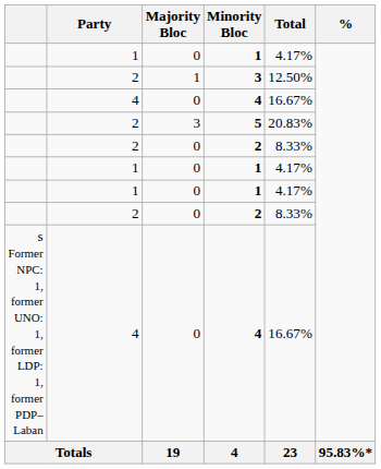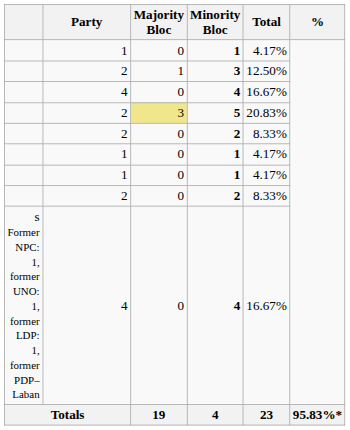 <table class="wikitable sortable" style="text-align:right;">
 <tr>
 <th width=1px></th>
 <th width=100px>Party</th>
 <th width=40px>Majority<br>Bloc</th>
 <th width=40px>Minority<br>Bloc</th>
 <th width=40px>Total</th>
 <th width=40px>%</th>
 </tr>
 <tr>
 <td></td>
 <td>1</td>
 <td>0</td>
 <td><strong>1</strong></td>
 <td>4.17%</td>
 </tr>
 <tr>
 <td></td>
 <td>2</td>
 <td>1</td>
 <td><strong>3</strong></td>
 <td>12.50%</td>
 </tr>
 <tr>
 <td></td>
 <td>4</td>
 <td>0</td>
 <td><strong>4</strong></td>
 <td>16.67%</td>
 </tr>
 <tr>
 <td></td>
 <td>2</td>
-<td>3</td>
+<td style="background: khaki;">3</td>
 <td><strong>5</strong></td>
 <td>20.83%</td>
 </tr>
 <tr>
 <td></td>
 <td>2</td>
 <td>0</td>
 <td><strong>2</strong></td>
 <td>8.33%</td>
 </tr>
 <tr>
 <td></td>
 <td>1</td>
 <td>0</td>
 <td><strong>1</strong></td>
 <td>4.17%</td>
 </tr>
 <tr>
 <td></td>
 <td>1</td>
 <td>0</td>
 <td><strong>1</strong></td>
 <td>4.17%</td>
 </tr>
 <tr>
 <td></td>
 <td>2</td>
 <td>0</td>
 <td><strong>2</strong></td>
 <td>8.33%</td>
 </tr>
 <tr>
 <td>s<br><small>Former NPC: 1, former UNO: 1, former LDP: 1, former PDP–Laban</small></td>
 <td>4</td>
 <td>0</td>
 <td><strong>4</strong></td>
 <td>16.67%</td>
 </tr>
 <tr class=sortbottom>
 <th colspan=2>Totals</th>
 <th>19</th>
 <th>4</th>
 <th>23</th>
 <th>95.83%*</th>
 </tr>
 </table>
